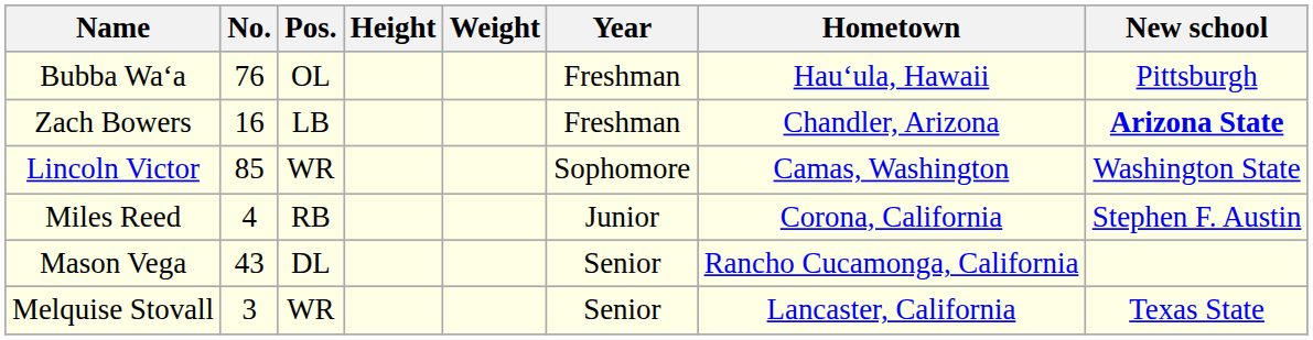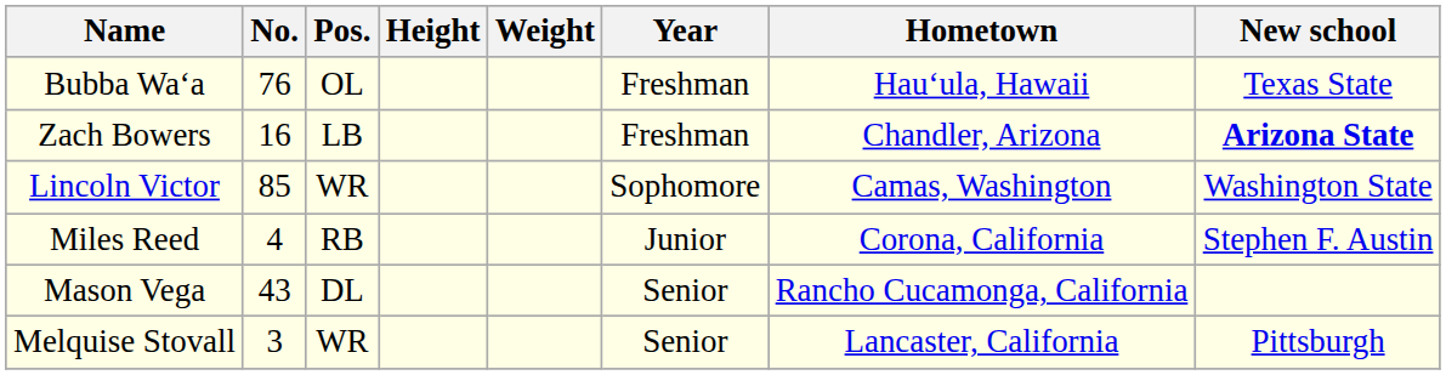 <table class="wikitable sortable" style="text-align: center;">
 <tr>
 <th>Name</th>
 <th>No.</th>
 <th>Pos.</th>
 <th>Height</th>
 <th>Weight</th>
 <th>Year</th>
 <th>Hometown</th>
 <th class="unsortable">New school</th>
 </tr>
 <tr style="background:#FFFFE6;">
 <td>Bubba Waʻa</td>
 <td>76</td>
 <td>OL</td>
 <td></td>
 <td></td>
 <td> Freshman</td>
 <td><a href='#'>Hauʻula, Hawaii</a></td>
-<td><a href='#'>Pittsburgh</a></td>
+<td><a href='#'>Texas State</a></td>
 </tr>
 <tr style="background:#FFFFE6;">
 <td>Zach Bowers</td>
 <td>16</td>
 <td>LB</td>
 <td></td>
 <td></td>
 <td> Freshman</td>
 <td><a href='#'>Chandler, Arizona</a></td>
 <td><strong><a href='#'>Arizona State</a></strong></td>
 </tr>
 <tr style="background:#FFFFE6;">
 <td><a href='#'>Lincoln Victor</a></td>
 <td>85</td>
 <td>WR</td>
 <td></td>
 <td></td>
 <td>Sophomore</td>
 <td><a href='#'>Camas, Washington</a></td>
 <td><a href='#'>Washington State</a></td>
 </tr>
 <tr style="background:#FFFFE6;">
 <td>Miles Reed</td>
 <td>4</td>
 <td>RB</td>
 <td></td>
 <td></td>
 <td> Junior</td>
 <td><a href='#'>Corona, California</a></td>
 <td><a href='#'>Stephen F. Austin</a></td>
 </tr>
 <tr style="background:#FFFFE6;">
 <td>Mason Vega</td>
 <td>43</td>
 <td>DL</td>
 <td></td>
 <td></td>
 <td>Senior</td>
 <td><a href='#'>Rancho Cucamonga, California</a></td>
 <td></td>
 </tr>
 <tr style="background:#FFFFE6;">
 <td>Melquise Stovall</td>
 <td>3</td>
 <td>WR</td>
 <td></td>
 <td></td>
 <td> Senior</td>
 <td><a href='#'>Lancaster, California</a></td>
-<td><a href='#'>Texas State</a></td>
+<td><a href='#'>Pittsburgh</a></td>
 </tr>
 </table>
